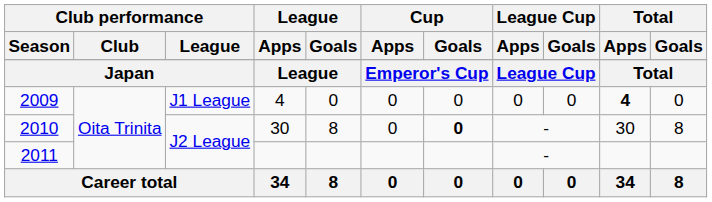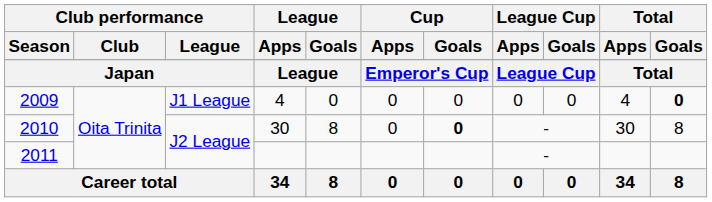 <table class="wikitable" style="text-align:center">
 <tr>
 <th colspan=3>Club performance</th>
 <th colspan=2>League</th>
 <th colspan=2>Cup</th>
 <th colspan=2>League Cup</th>
 <th colspan=2>Total</th>
 </tr>
 <tr>
 <th>Season</th>
 <th>Club</th>
 <th>League</th>
 <th>Apps</th>
 <th>Goals</th>
 <th>Apps</th>
 <th>Goals</th>
 <th>Apps</th>
 <th>Goals</th>
 <th>Apps</th>
 <th>Goals</th>
 </tr>
 <tr>
 </tr>
 <tr>
 <th colspan=3>Japan</th>
 <th colspan=2>League</th>
 <th colspan=2><a href='#'>Emperor's Cup</a></th>
 <th colspan=2><a href='#'>League Cup</a></th>
 <th colspan=2>Total</th>
 </tr>
 <tr>
 <td><a href='#'>2009</a></td>
 <td rowspan="3"><a href='#'>Oita Trinita</a></td>
 <td><a href='#'>J1 League</a></td>
 <td>4</td>
 <td>0</td>
 <td>0</td>
 <td>0</td>
 <td>0</td>
 <td>0</td>
-<td><strong>4</strong></td>
-<td>0</td>
+<td>4</td>
+<td><strong>0</strong></td>
 </tr>
 <tr>
 <td><a href='#'>2010</a></td>
 <td rowspan="2"><a href='#'>J2 League</a></td>
 <td>30</td>
 <td>8</td>
 <td>0</td>
 <td><strong>0</strong></td>
 <td colspan="2">-</td>
 <td>30</td>
 <td>8</td>
 </tr>
 <tr>
 <td><a href='#'>2011</a></td>
 <td></td>
 <td></td>
 <td></td>
 <td></td>
 <td colspan="2">-</td>
 <td></td>
 <td></td>
 </tr>
 <tr>
 <th colspan=3>Career total</th>
 <th>34</th>
 <th>8</th>
 <th>0</th>
 <th>0</th>
 <th>0</th>
 <th>0</th>
 <th>34</th>
 <th>8</th>
 </tr>
 </table>
